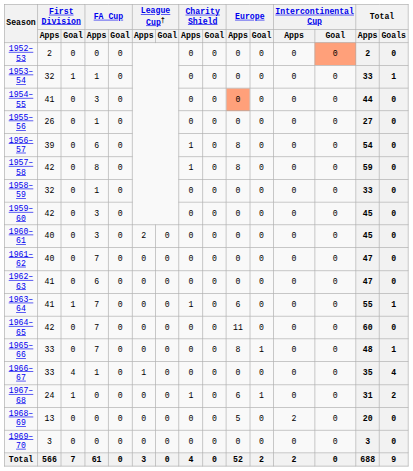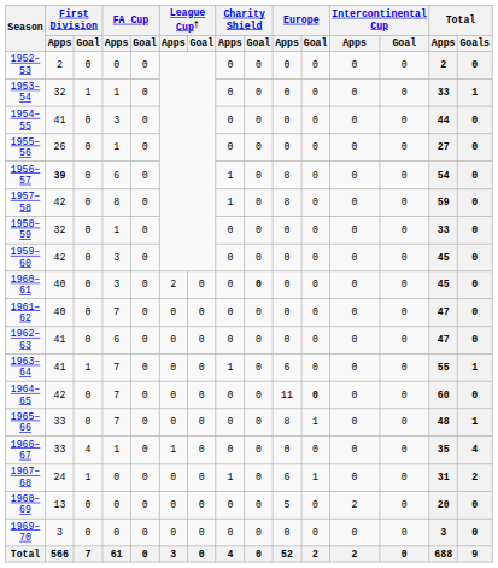 <table class="wikitable" style="text-align:center">
 <tr>
 <th rowspan="2">Season</th>
 <th colspan="2"><a href='#'>First Division</a></th>
 <th colspan="2"><a href='#'>FA Cup</a></th>
 <th colspan="2"><a href='#'>League Cup</a><sup>†</sup></th>
 <th colspan="2"><a href='#'>Charity Shield</a></th>
 <th colspan="2"><a href='#'>Europe</a></th>
 <th colspan="2"><a href='#'>Intercontinental Cup</a></th>
 <th colspan="2">Total</th>
 </tr>
 <tr>
 <th>Apps</th>
 <th>Goal</th>
 <th>Apps</th>
 <th>Goal</th>
 <th>Apps</th>
 <th>Goal</th>
 <th>Apps</th>
 <th>Goal</th>
 <th>Apps</th>
 <th>Goal</th>
 <th>Apps</th>
 <th>Goal</th>
 <th>Apps</th>
 <th>Goals</th>
 </tr>
 <tr>
 <td><a href='#'>1952–53</a></td>
 <td>2</td>
 <td>0</td>
 <td>0</td>
 <td>0</td>
 <td colspan="2" rowspan="8"></td>
 <td>0</td>
 <td>0</td>
 <td>0</td>
 <td>0</td>
 <td>0</td>
-<td style="background: lightsalmon;">0</td>
+<td>0</td>
 <th>2</th>
 <th>0</th>
 </tr>
 <tr>
 <td><a href='#'>1953–54</a></td>
 <td>32</td>
 <td>1</td>
 <td>1</td>
 <td>0</td>
 <td>0</td>
 <td>0</td>
 <td>0</td>
 <td>0</td>
 <td>0</td>
 <td>0</td>
 <th>33</th>
 <th>1</th>
 </tr>
 <tr>
 <td><a href='#'>1954–55</a></td>
 <td>41</td>
 <td>0</td>
 <td>3</td>
 <td>0</td>
 <td>0</td>
 <td>0</td>
-<td style="background: lightsalmon;">0</td>
+<td>0</td>
 <td>0</td>
 <td>0</td>
 <td>0</td>
 <th>44</th>
 <th>0</th>
 </tr>
 <tr>
 <td><a href='#'>1955–56</a></td>
 <td>26</td>
 <td>0</td>
 <td>1</td>
 <td>0</td>
 <td>0</td>
 <td>0</td>
 <td>0</td>
 <td>0</td>
 <td>0</td>
 <td>0</td>
 <th>27</th>
 <th>0</th>
 </tr>
 <tr>
 <td><a href='#'>1956–57</a></td>
-<td>39</td>
+<td><strong>39</strong></td>
 <td>0</td>
 <td>6</td>
 <td>0</td>
 <td>1</td>
 <td>0</td>
 <td>8</td>
 <td>0</td>
 <td>0</td>
 <td>0</td>
 <th>54</th>
 <th>0</th>
 </tr>
 <tr>
 <td><a href='#'>1957–58</a></td>
 <td>42</td>
 <td>0</td>
 <td>8</td>
 <td>0</td>
 <td>1</td>
 <td>0</td>
 <td>8</td>
 <td>0</td>
 <td>0</td>
 <td>0</td>
 <th>59</th>
 <th>0</th>
 </tr>
 <tr>
 <td><a href='#'>1958–59</a></td>
 <td>32</td>
 <td>0</td>
 <td>1</td>
 <td>0</td>
 <td>0</td>
 <td>0</td>
 <td>0</td>
 <td>0</td>
 <td>0</td>
 <td>0</td>
 <th>33</th>
 <th>0</th>
 </tr>
 <tr>
 <td><a href='#'>1959–60</a></td>
 <td>42</td>
 <td>0</td>
 <td>3</td>
 <td>0</td>
 <td>0</td>
 <td>0</td>
 <td>0</td>
 <td>0</td>
 <td>0</td>
 <td>0</td>
 <th>45</th>
 <th>0</th>
 </tr>
 <tr>
 <td><a href='#'>1960–61</a></td>
 <td>40</td>
 <td>0</td>
 <td>3</td>
 <td>0</td>
 <td>2</td>
 <td>0</td>
 <td>0</td>
-<td>0</td>
+<td><strong>0</strong></td>
 <td>0</td>
 <td>0</td>
 <td>0</td>
 <td>0</td>
 <th>45</th>
 <th>0</th>
 </tr>
 <tr>
 <td><a href='#'>1961–62</a></td>
 <td>40</td>
 <td>0</td>
 <td>7</td>
 <td>0</td>
 <td>0</td>
 <td>0</td>
 <td>0</td>
 <td>0</td>
 <td>0</td>
 <td>0</td>
 <td>0</td>
 <td>0</td>
 <th>47</th>
 <th>0</th>
 </tr>
 <tr>
 <td><a href='#'>1962–63</a></td>
 <td>41</td>
 <td>0</td>
 <td>6</td>
 <td>0</td>
 <td>0</td>
 <td>0</td>
 <td>0</td>
 <td>0</td>
 <td>0</td>
 <td>0</td>
 <td>0</td>
 <td>0</td>
 <th>47</th>
 <th>0</th>
 </tr>
 <tr>
 <td><a href='#'>1963–64</a></td>
 <td>41</td>
 <td>1</td>
 <td>7</td>
 <td>0</td>
 <td>0</td>
 <td>0</td>
 <td>1</td>
 <td>0</td>
 <td>6</td>
 <td>0</td>
 <td>0</td>
 <td>0</td>
 <th>55</th>
 <th>1</th>
 </tr>
 <tr>
 <td><a href='#'>1964–65</a></td>
 <td>42</td>
 <td>0</td>
 <td>7</td>
 <td>0</td>
 <td>0</td>
 <td>0</td>
 <td>0</td>
 <td>0</td>
 <td>11</td>
-<td>0</td>
+<td><strong>0</strong></td>
 <td>0</td>
 <td>0</td>
 <th>60</th>
 <th>0</th>
 </tr>
 <tr>
 <td><a href='#'>1965–66</a></td>
 <td>33</td>
 <td>0</td>
 <td>7</td>
 <td>0</td>
 <td>0</td>
 <td>0</td>
 <td>0</td>
 <td>0</td>
 <td>8</td>
 <td>1</td>
 <td>0</td>
 <td>0</td>
 <th>48</th>
 <th>1</th>
 </tr>
 <tr>
 <td><a href='#'>1966–67</a></td>
 <td>33</td>
 <td>4</td>
 <td>1</td>
 <td>0</td>
 <td>1</td>
 <td>0</td>
 <td>0</td>
 <td>0</td>
 <td>0</td>
 <td>0</td>
 <td>0</td>
 <td>0</td>
 <th>35</th>
 <th>4</th>
 </tr>
 <tr>
 <td><a href='#'>1967–68</a></td>
 <td>24</td>
 <td>1</td>
 <td>0</td>
 <td>0</td>
 <td>0</td>
 <td>0</td>
 <td>1</td>
 <td>0</td>
 <td>6</td>
 <td>1</td>
 <td>0</td>
 <td>0</td>
 <th>31</th>
 <th>2</th>
 </tr>
 <tr>
 <td><a href='#'>1968–69</a></td>
 <td>13</td>
 <td>0</td>
 <td>0</td>
 <td>0</td>
 <td>0</td>
 <td>0</td>
 <td>0</td>
 <td>0</td>
 <td>5</td>
 <td>0</td>
 <td>2</td>
 <td>0</td>
 <th>20</th>
 <th>0</th>
 </tr>
 <tr>
 <td><a href='#'>1969–70</a></td>
 <td>3</td>
 <td>0</td>
 <td>0</td>
 <td>0</td>
 <td>0</td>
 <td>0</td>
 <td>0</td>
 <td>0</td>
 <td>0</td>
 <td>0</td>
 <td>0</td>
 <td>0</td>
 <th>3</th>
 <th>0</th>
 </tr>
 <tr>
 <th>Total</th>
 <th>566</th>
 <th>7</th>
 <th>61</th>
 <th>0</th>
 <th>3</th>
 <th>0</th>
 <th>4</th>
 <th>0</th>
 <th>52</th>
 <th>2</th>
 <th>2</th>
 <th>0</th>
 <th>688</th>
 <th>9</th>
 </tr>
 </table>
